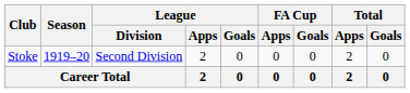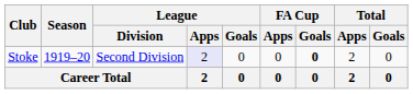 <table class="wikitable" style="text-align: center;">
 <tr>
 <th rowspan="2">Club</th>
 <th rowspan="2">Season</th>
 <th colspan="3">League</th>
 <th colspan="2">FA Cup</th>
 <th colspan="2">Total</th>
 </tr>
 <tr>
 <th>Division</th>
 <th>Apps</th>
 <th>Goals</th>
 <th>Apps</th>
 <th>Goals</th>
 <th>Apps</th>
 <th>Goals</th>
 </tr>
 <tr>
 <td><a href='#'>Stoke</a></td>
 <td><a href='#'>1919–20</a></td>
 <td><a href='#'>Second Division</a></td>
-<td>2</td>
+<td style="background: lavender;">2</td>
 <td>0</td>
 <td>0</td>
-<td>0</td>
+<td><strong>0</strong></td>
 <td>2</td>
 <td>0</td>
 </tr>
 <tr>
 <th colspan=3>Career Total</th>
 <th>2</th>
 <th>0</th>
 <th>0</th>
 <th>0</th>
 <th>2</th>
 <th>0</th>
 </tr>
 </table>
